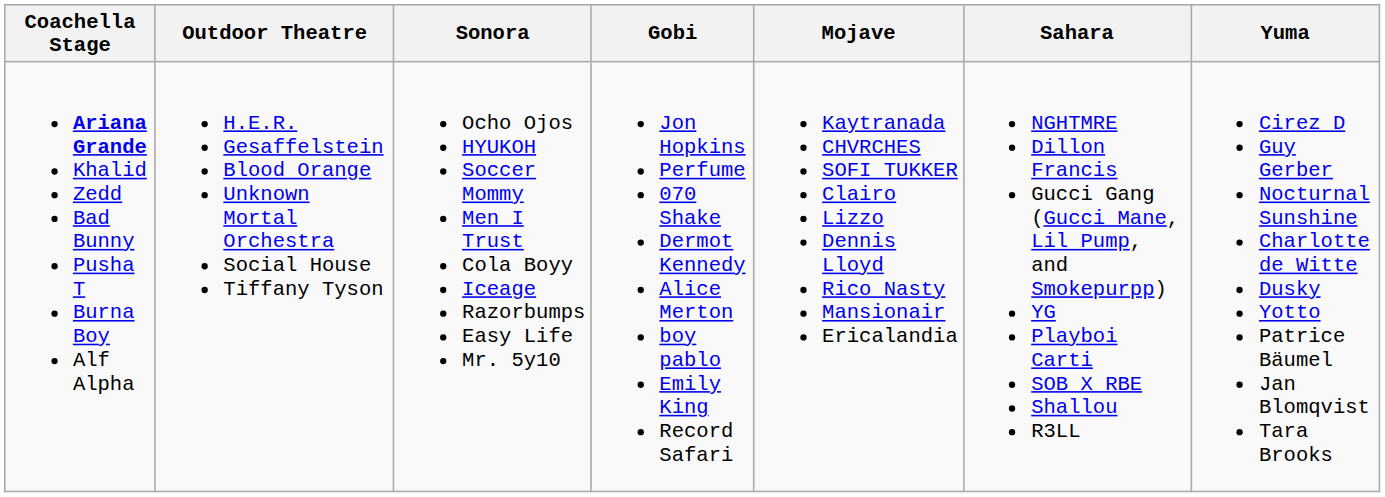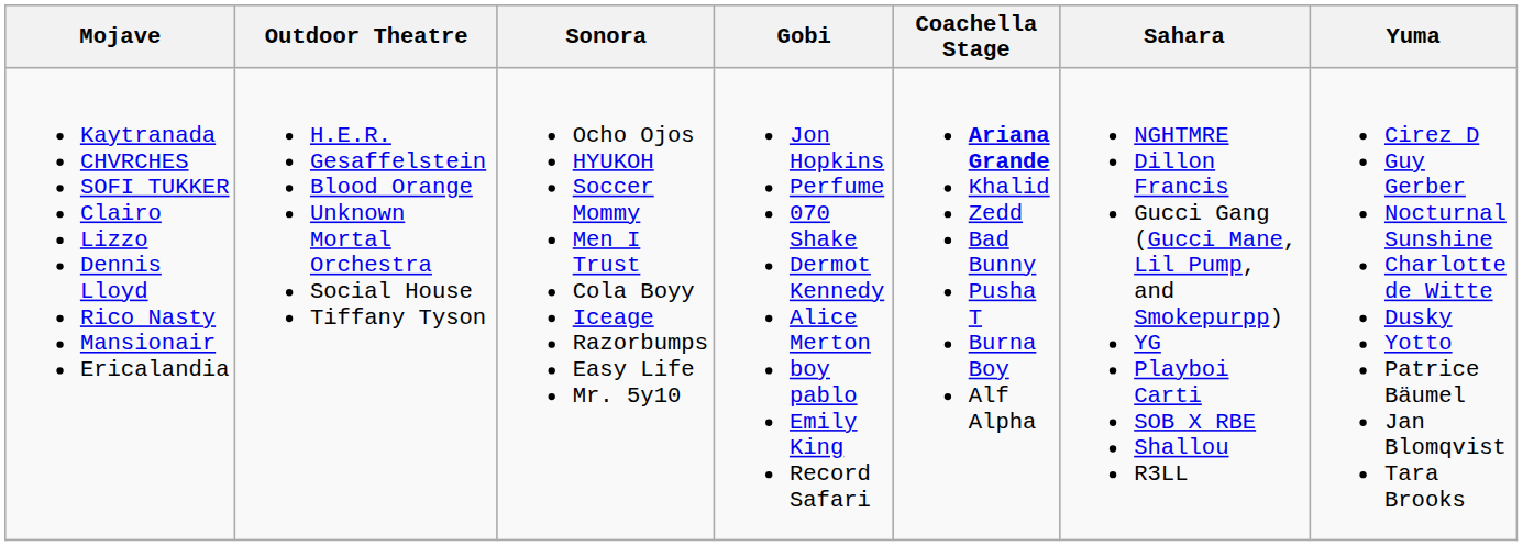 <table class="wikitable">
 <tr>
-<th>Coachella Stage</th>
+<th>Mojave</th>
 <th>Outdoor Theatre</th>
 <th>Sonora</th>
 <th>Gobi</th>
-<th>Mojave</th>
+<th>Coachella Stage</th>
 <th>Sahara</th>
 <th>Yuma</th>
 </tr>
 <tr valign="top">
-<td><br><ul><li><strong><a href='#'>Ariana Grande</a></strong></li><li><a href='#'>Khalid</a></li><li><a href='#'>Zedd</a></li><li><a href='#'>Bad Bunny</a></li><li><a href='#'>Pusha T</a></li><li><a href='#'>Burna Boy</a></li><li>Alf Alpha</li></ul></td>
+<td><br><ul><li><a href='#'>Kaytranada</a></li><li><a href='#'>CHVRCHES</a></li><li><a href='#'>SOFI TUKKER</a></li><li><a href='#'>Clairo</a></li><li><a href='#'>Lizzo</a></li><li><a href='#'>Dennis Lloyd</a></li><li><a href='#'>Rico Nasty</a></li><li><a href='#'>Mansionair</a></li><li>Ericalandia</li></ul></td>
 <td><br><ul><li><a href='#'>H.E.R.</a></li><li><a href='#'>Gesaffelstein</a></li><li><a href='#'>Blood Orange</a></li><li><a href='#'>Unknown Mortal Orchestra</a></li><li>Social House</li><li>Tiffany Tyson</li></ul></td>
 <td><br><ul><li>Ocho Ojos</li><li><a href='#'>HYUKOH</a></li><li><a href='#'>Soccer Mommy</a></li><li><a href='#'>Men I Trust</a></li><li>Cola Boyy</li><li><a href='#'>Iceage</a></li><li>Razorbumps</li><li>Easy Life</li><li>Mr. 5y10</li></ul></td>
 <td><br><ul><li><a href='#'>Jon Hopkins</a></li><li><a href='#'>Perfume</a></li><li><a href='#'>070 Shake</a></li><li><a href='#'>Dermot Kennedy</a></li><li><a href='#'>Alice Merton</a></li><li><a href='#'>boy pablo</a></li><li><a href='#'>Emily King</a></li><li>Record Safari</li></ul></td>
-<td><br><ul><li><a href='#'>Kaytranada</a></li><li><a href='#'>CHVRCHES</a></li><li><a href='#'>SOFI TUKKER</a></li><li><a href='#'>Clairo</a></li><li><a href='#'>Lizzo</a></li><li><a href='#'>Dennis Lloyd</a></li><li><a href='#'>Rico Nasty</a></li><li><a href='#'>Mansionair</a></li><li>Ericalandia</li></ul></td>
+<td><br><ul><li><strong><a href='#'>Ariana Grande</a></strong></li><li><a href='#'>Khalid</a></li><li><a href='#'>Zedd</a></li><li><a href='#'>Bad Bunny</a></li><li><a href='#'>Pusha T</a></li><li><a href='#'>Burna Boy</a></li><li>Alf Alpha</li></ul></td>
 <td><br><ul><li><a href='#'>NGHTMRE</a></li><li><a href='#'>Dillon Francis</a></li><li>Gucci Gang (<a href='#'>Gucci Mane</a>, <a href='#'>Lil Pump</a>, and <a href='#'>Smokepurpp</a>)</li><li><a href='#'>YG</a></li><li><a href='#'>Playboi Carti</a></li><li><a href='#'>SOB X RBE</a></li><li><a href='#'>Shallou</a></li><li>R3LL</li></ul></td>
 <td><br><ul><li><a href='#'>Cirez D</a></li><li><a href='#'>Guy Gerber</a></li><li><a href='#'>Nocturnal Sunshine</a></li><li><a href='#'>Charlotte de Witte</a></li><li><a href='#'>Dusky</a></li><li><a href='#'>Yotto</a></li><li>Patrice Bäumel</li><li>Jan Blomqvist</li><li>Tara Brooks</li></ul></td>
 </tr>
 </table>
